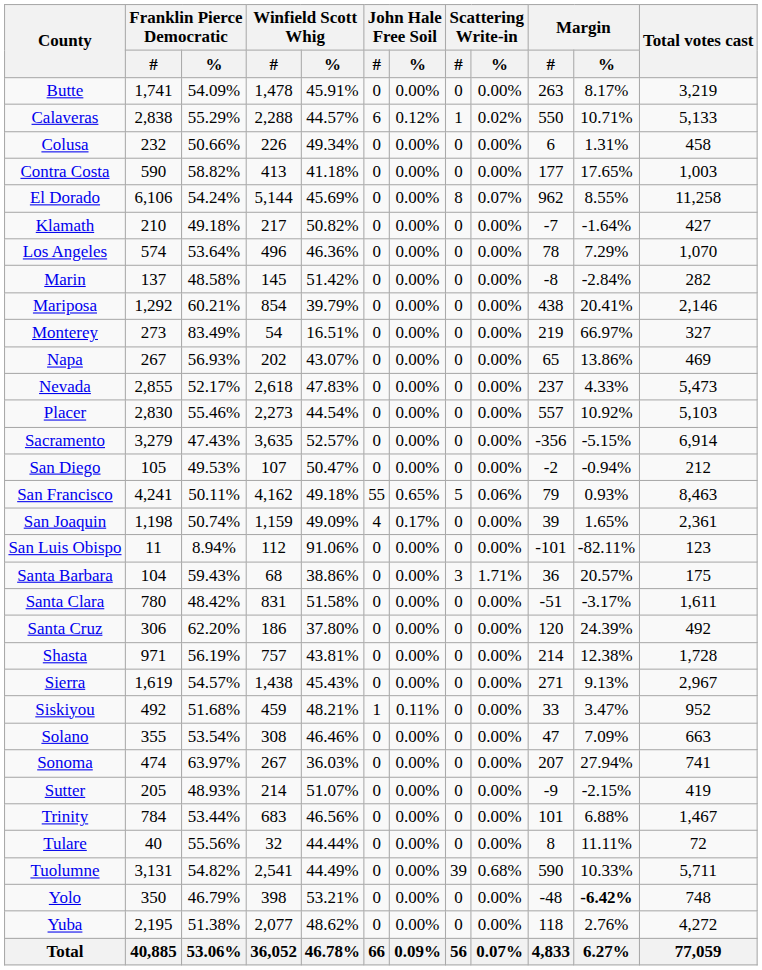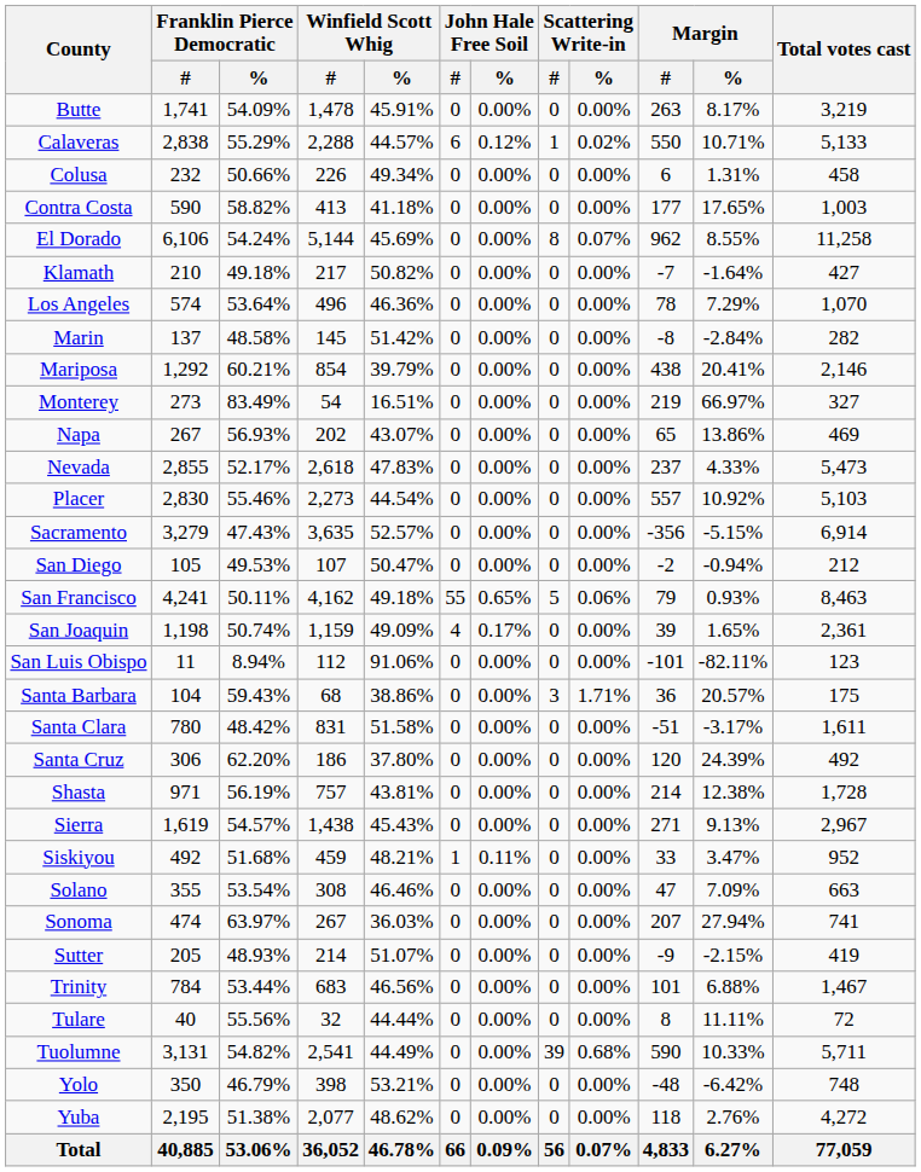 <table class="wikitable sortable" style="text-align:center">
 <tr>
 <th rowspan="2" style="text-align:center;">County</th>
 <th colspan="2" style="text-align:center;">Franklin Pierce<br>Democratic</th>
 <th colspan="2" style="text-align:center;">Winfield Scott<br>Whig</th>
 <th colspan="2" style="text-align:center;">John Hale<br>Free Soil</th>
 <th colspan="2" style="text-align:center;">Scattering<br>Write-in</th>
 <th colspan="2" style="text-align:center;">Margin</th>
 <th rowspan="2" style="text-align:center;">Total votes cast</th>
 </tr>
 <tr>
 <th style="text-align:center;" data-sort-type="number">#</th>
 <th style="text-align:center;" data-sort-type="number">%</th>
 <th style="text-align:center;" data-sort-type="number">#</th>
 <th style="text-align:center;" data-sort-type="number">%</th>
 <th style="text-align:center;" data-sort-type="number">#</th>
 <th style="text-align:center;" data-sort-type="number">%</th>
 <th style="text-align:center;" data-sort-type="number">#</th>
 <th style="text-align:center;" data-sort-type="number">%</th>
 <th style="text-align:center;" data-sort-type="number">#</th>
 <th style="text-align:center;" data-sort-type="number">%</th>
 </tr>
 <tr style="text-align:center;">
 <td><a href='#'>Butte</a></td>
 <td>1,741</td>
 <td>54.09%</td>
 <td>1,478</td>
 <td>45.91%</td>
 <td>0</td>
 <td>0.00%</td>
 <td>0</td>
 <td>0.00%</td>
 <td>263</td>
 <td>8.17%</td>
 <td>3,219</td>
 </tr>
 <tr style="text-align:center;">
 <td><a href='#'>Calaveras</a></td>
 <td>2,838</td>
 <td>55.29%</td>
 <td>2,288</td>
 <td>44.57%</td>
 <td>6</td>
 <td>0.12%</td>
 <td>1</td>
 <td>0.02%</td>
 <td>550</td>
 <td>10.71%</td>
 <td>5,133</td>
 </tr>
 <tr style="text-align:center;">
 <td><a href='#'>Colusa</a></td>
 <td>232</td>
 <td>50.66%</td>
 <td>226</td>
 <td>49.34%</td>
 <td>0</td>
 <td>0.00%</td>
 <td>0</td>
 <td>0.00%</td>
 <td>6</td>
 <td>1.31%</td>
 <td>458</td>
 </tr>
 <tr style="text-align:center;">
 <td><a href='#'>Contra Costa</a></td>
 <td>590</td>
 <td>58.82%</td>
 <td>413</td>
 <td>41.18%</td>
 <td>0</td>
 <td>0.00%</td>
 <td>0</td>
 <td>0.00%</td>
 <td>177</td>
 <td>17.65%</td>
 <td>1,003</td>
 </tr>
 <tr style="text-align:center;">
 <td><a href='#'>El Dorado</a></td>
 <td>6,106</td>
 <td>54.24%</td>
 <td>5,144</td>
 <td>45.69%</td>
 <td>0</td>
 <td>0.00%</td>
 <td>8</td>
 <td>0.07%</td>
 <td>962</td>
 <td>8.55%</td>
 <td>11,258</td>
 </tr>
 <tr style="text-align:center;">
 <td><a href='#'>Klamath</a></td>
 <td>210</td>
 <td>49.18%</td>
 <td>217</td>
 <td>50.82%</td>
 <td>0</td>
 <td>0.00%</td>
 <td>0</td>
 <td>0.00%</td>
 <td>-7</td>
 <td>-1.64%</td>
 <td>427</td>
 </tr>
 <tr style="text-align:center;">
 <td><a href='#'>Los Angeles</a></td>
 <td>574</td>
 <td>53.64%</td>
 <td>496</td>
 <td>46.36%</td>
 <td>0</td>
 <td>0.00%</td>
 <td>0</td>
 <td>0.00%</td>
 <td>78</td>
 <td>7.29%</td>
 <td>1,070</td>
 </tr>
 <tr style="text-align:center;">
 <td><a href='#'>Marin</a></td>
 <td>137</td>
 <td>48.58%</td>
 <td>145</td>
 <td>51.42%</td>
 <td>0</td>
 <td>0.00%</td>
 <td>0</td>
 <td>0.00%</td>
 <td>-8</td>
 <td>-2.84%</td>
 <td>282</td>
 </tr>
 <tr style="text-align:center;">
 <td><a href='#'>Mariposa</a></td>
 <td>1,292</td>
 <td>60.21%</td>
 <td>854</td>
 <td>39.79%</td>
 <td>0</td>
 <td>0.00%</td>
 <td>0</td>
 <td>0.00%</td>
 <td>438</td>
 <td>20.41%</td>
 <td>2,146</td>
 </tr>
 <tr style="text-align:center;">
 <td><a href='#'>Monterey</a></td>
 <td>273</td>
 <td>83.49%</td>
 <td>54</td>
 <td>16.51%</td>
 <td>0</td>
 <td>0.00%</td>
 <td>0</td>
 <td>0.00%</td>
 <td>219</td>
 <td>66.97%</td>
 <td>327</td>
 </tr>
 <tr style="text-align:center;">
 <td><a href='#'>Napa</a></td>
 <td>267</td>
 <td>56.93%</td>
 <td>202</td>
 <td>43.07%</td>
 <td>0</td>
 <td>0.00%</td>
 <td>0</td>
 <td>0.00%</td>
 <td>65</td>
 <td>13.86%</td>
 <td>469</td>
 </tr>
 <tr style="text-align:center;">
 <td><a href='#'>Nevada</a></td>
 <td>2,855</td>
 <td>52.17%</td>
 <td>2,618</td>
 <td>47.83%</td>
 <td>0</td>
 <td>0.00%</td>
 <td>0</td>
 <td>0.00%</td>
 <td>237</td>
 <td>4.33%</td>
 <td>5,473</td>
 </tr>
 <tr style="text-align:center;">
 <td><a href='#'>Placer</a></td>
 <td>2,830</td>
 <td>55.46%</td>
 <td>2,273</td>
 <td>44.54%</td>
 <td>0</td>
 <td>0.00%</td>
 <td>0</td>
 <td>0.00%</td>
 <td>557</td>
 <td>10.92%</td>
 <td>5,103</td>
 </tr>
 <tr style="text-align:center;">
 <td><a href='#'>Sacramento</a></td>
 <td>3,279</td>
 <td>47.43%</td>
 <td>3,635</td>
 <td>52.57%</td>
 <td>0</td>
 <td>0.00%</td>
 <td>0</td>
 <td>0.00%</td>
 <td>-356</td>
 <td>-5.15%</td>
 <td>6,914</td>
 </tr>
 <tr style="text-align:center;">
 <td><a href='#'>San Diego</a></td>
 <td>105</td>
 <td>49.53%</td>
 <td>107</td>
 <td>50.47%</td>
 <td>0</td>
 <td>0.00%</td>
 <td>0</td>
 <td>0.00%</td>
 <td>-2</td>
 <td>-0.94%</td>
 <td>212</td>
 </tr>
 <tr style="text-align:center;">
 <td><a href='#'>San Francisco</a></td>
 <td>4,241</td>
 <td>50.11%</td>
 <td>4,162</td>
 <td>49.18%</td>
 <td>55</td>
 <td>0.65%</td>
 <td>5</td>
 <td>0.06%</td>
 <td>79</td>
 <td>0.93%</td>
 <td>8,463</td>
 </tr>
 <tr style="text-align:center;">
 <td><a href='#'>San Joaquin</a></td>
 <td>1,198</td>
 <td>50.74%</td>
 <td>1,159</td>
 <td>49.09%</td>
 <td>4</td>
 <td>0.17%</td>
 <td>0</td>
 <td>0.00%</td>
 <td>39</td>
 <td>1.65%</td>
 <td>2,361</td>
 </tr>
 <tr style="text-align:center;">
 <td><a href='#'>San Luis Obispo</a></td>
 <td>11</td>
 <td>8.94%</td>
 <td>112</td>
 <td>91.06%</td>
 <td>0</td>
 <td>0.00%</td>
 <td>0</td>
 <td>0.00%</td>
 <td>-101</td>
 <td>-82.11%</td>
 <td>123</td>
 </tr>
 <tr style="text-align:center;">
 <td><a href='#'>Santa Barbara</a></td>
 <td>104</td>
 <td>59.43%</td>
 <td>68</td>
 <td>38.86%</td>
 <td>0</td>
 <td>0.00%</td>
 <td>3</td>
 <td>1.71%</td>
 <td>36</td>
 <td>20.57%</td>
 <td>175</td>
 </tr>
 <tr style="text-align:center;">
 <td><a href='#'>Santa Clara</a></td>
 <td>780</td>
 <td>48.42%</td>
 <td>831</td>
 <td>51.58%</td>
 <td>0</td>
 <td>0.00%</td>
 <td>0</td>
 <td>0.00%</td>
 <td>-51</td>
 <td>-3.17%</td>
 <td>1,611</td>
 </tr>
 <tr style="text-align:center;">
 <td><a href='#'>Santa Cruz</a></td>
 <td>306</td>
 <td>62.20%</td>
 <td>186</td>
 <td>37.80%</td>
 <td>0</td>
 <td>0.00%</td>
 <td>0</td>
 <td>0.00%</td>
 <td>120</td>
 <td>24.39%</td>
 <td>492</td>
 </tr>
 <tr style="text-align:center;">
 <td><a href='#'>Shasta</a></td>
 <td>971</td>
 <td>56.19%</td>
 <td>757</td>
 <td>43.81%</td>
 <td>0</td>
 <td>0.00%</td>
 <td>0</td>
 <td>0.00%</td>
 <td>214</td>
 <td>12.38%</td>
 <td>1,728</td>
 </tr>
 <tr style="text-align:center;">
 <td><a href='#'>Sierra</a></td>
 <td>1,619</td>
 <td>54.57%</td>
 <td>1,438</td>
 <td>45.43%</td>
 <td>0</td>
 <td>0.00%</td>
 <td>0</td>
 <td>0.00%</td>
 <td>271</td>
 <td>9.13%</td>
 <td>2,967</td>
 </tr>
 <tr style="text-align:center;">
 <td><a href='#'>Siskiyou</a></td>
 <td>492</td>
 <td>51.68%</td>
 <td>459</td>
 <td>48.21%</td>
 <td>1</td>
 <td>0.11%</td>
 <td>0</td>
 <td>0.00%</td>
 <td>33</td>
 <td>3.47%</td>
 <td>952</td>
 </tr>
 <tr style="text-align:center;">
 <td><a href='#'>Solano</a></td>
 <td>355</td>
 <td>53.54%</td>
 <td>308</td>
 <td>46.46%</td>
 <td>0</td>
 <td>0.00%</td>
 <td>0</td>
 <td>0.00%</td>
 <td>47</td>
 <td>7.09%</td>
 <td>663</td>
 </tr>
 <tr style="text-align:center;">
 <td><a href='#'>Sonoma</a></td>
 <td>474</td>
 <td>63.97%</td>
 <td>267</td>
 <td>36.03%</td>
 <td>0</td>
 <td>0.00%</td>
 <td>0</td>
 <td>0.00%</td>
 <td>207</td>
 <td>27.94%</td>
 <td>741</td>
 </tr>
 <tr style="text-align:center;">
 <td><a href='#'>Sutter</a></td>
 <td>205</td>
 <td>48.93%</td>
 <td>214</td>
 <td>51.07%</td>
 <td>0</td>
 <td>0.00%</td>
 <td>0</td>
 <td>0.00%</td>
 <td>-9</td>
 <td>-2.15%</td>
 <td>419</td>
 </tr>
 <tr style="text-align:center;">
 <td><a href='#'>Trinity</a></td>
 <td>784</td>
 <td>53.44%</td>
 <td>683</td>
 <td>46.56%</td>
 <td>0</td>
 <td>0.00%</td>
 <td>0</td>
 <td>0.00%</td>
 <td>101</td>
 <td>6.88%</td>
 <td>1,467</td>
 </tr>
 <tr style="text-align:center;">
 <td><a href='#'>Tulare</a></td>
 <td>40</td>
 <td>55.56%</td>
 <td>32</td>
 <td>44.44%</td>
 <td>0</td>
 <td>0.00%</td>
 <td>0</td>
 <td>0.00%</td>
 <td>8</td>
 <td>11.11%</td>
 <td>72</td>
 </tr>
 <tr style="text-align:center;">
 <td><a href='#'>Tuolumne</a></td>
 <td>3,131</td>
 <td>54.82%</td>
 <td>2,541</td>
 <td>44.49%</td>
 <td>0</td>
 <td>0.00%</td>
 <td>39</td>
 <td>0.68%</td>
 <td>590</td>
 <td>10.33%</td>
 <td>5,711</td>
 </tr>
 <tr style="text-align:center;">
 <td><a href='#'>Yolo</a></td>
 <td>350</td>
 <td>46.79%</td>
 <td>398</td>
 <td>53.21%</td>
 <td>0</td>
 <td>0.00%</td>
 <td>0</td>
 <td>0.00%</td>
 <td>-48</td>
-<td><strong>-6.42%</strong></td>
+<td>-6.42%</td>
 <td>748</td>
 </tr>
 <tr style="text-align:center;">
 <td><a href='#'>Yuba</a></td>
 <td>2,195</td>
 <td>51.38%</td>
 <td>2,077</td>
 <td>48.62%</td>
 <td>0</td>
 <td>0.00%</td>
 <td>0</td>
 <td>0.00%</td>
 <td>118</td>
 <td>2.76%</td>
 <td>4,272</td>
 </tr>
 <tr>
 <th>Total</th>
 <th>40,885</th>
 <th>53.06%</th>
 <th>36,052</th>
 <th>46.78%</th>
 <th>66</th>
 <th>0.09%</th>
 <th>56</th>
 <th>0.07%</th>
 <th>4,833</th>
 <th>6.27%</th>
 <th>77,059</th>
 </tr>
 </table>
